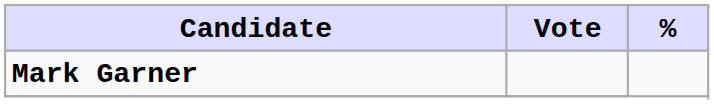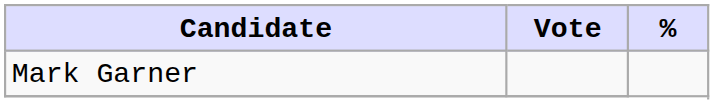 <table class="wikitable">
 <tr>
 <th style="background:#ddf; width:225px;">Candidate</th>
 <th style="background:#ddf; width:50px;">Vote</th>
 <th style="background:#ddf; width:30px;">%</th>
 </tr>
 <tr>
-<td><strong>Mark Garner</strong></td>
+<td>Mark Garner</td>
 <td></td>
 </tr>
 <tr>
 </tr>
 </table>
